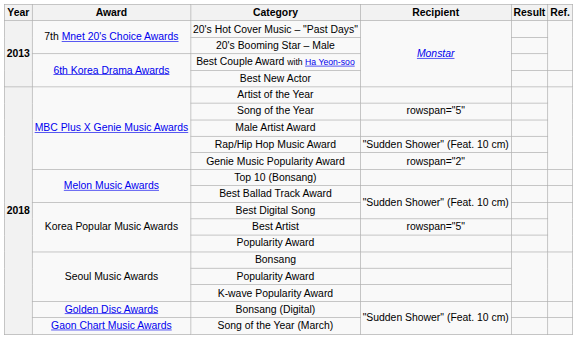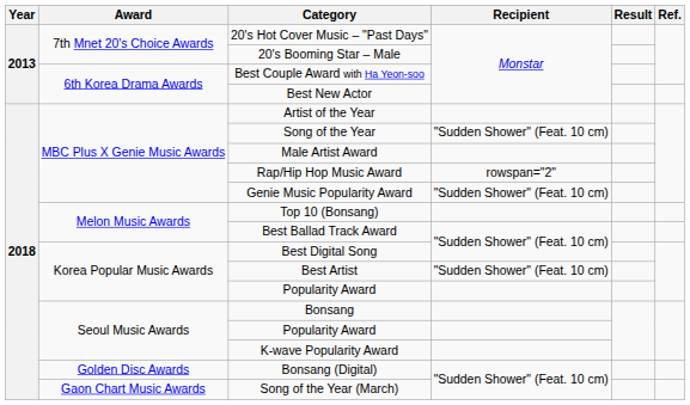 <table class="wikitable" style="text-align:center">
 <tr>
 <th>Year</th>
 <th>Award</th>
 <th>Category</th>
 <th>Recipient</th>
 <th>Result</th>
 <th>Ref.</th>
 </tr>
 <tr>
 <th rowspan="4">2013</th>
 <td rowspan="2">7th <a href='#'>Mnet 20's Choice Awards</a></td>
 <td>20's Hot Cover Music – "Past Days"</td>
 <td rowspan="4"><em><a href='#'>Monstar</a></em></td>
 <td></td>
 <td rowspan=3></td>
 </tr>
 <tr>
 <td>20's Booming Star – Male</td>
 <td></td>
 </tr>
 <tr>
 <td rowspan="2"><a href='#'>6th Korea Drama Awards</a></td>
 <td>Best Couple Award <small>with <a href='#'>Ha Yeon-soo</a> </small></td>
 <td></td>
 </tr>
 <tr>
 <td>Best New Actor</td>
 <td></td>
 <td></td>
 </tr>
 <tr>
 <th rowspan="15">2018</th>
 <td rowspan="5"><a href='#'>MBC Plus X Genie Music Awards</a></td>
 <td>Artist of the Year</td>
 <td></td>
 <td></td>
 <td rowspan=5></td>
 </tr>
 <tr>
 <td>Song of the Year</td>
-<td>rowspan="5" </td>
+<td>"Sudden Shower" (Feat. 10 cm)</td>
 <td></td>
 </tr>
 <tr>
 <td>Male Artist Award</td>
 <td></td>
 <td></td>
 </tr>
 <tr>
 <td>Rap/Hip Hop Music Award</td>
-<td>"Sudden Shower" (Feat. 10 cm)</td>
+<td>rowspan="2" </td>
 <td></td>
 </tr>
 <tr>
 <td>Genie Music Popularity Award</td>
-<td>rowspan="2" </td>
+<td>"Sudden Shower" (Feat. 10 cm)</td>
 <td></td>
 </tr>
 <tr>
 <td rowspan="2"><a href='#'>Melon Music Awards</a></td>
 <td>Top 10 (Bonsang)</td>
 <td></td>
 <td></td>
 </tr>
 <tr>
 <td>Best Ballad Track Award</td>
 <td rowspan="2">"Sudden Shower" (Feat. 10 cm)</td>
 <td></td>
 <td></td>
 </tr>
 <tr>
 <td rowspan="3">Korea Popular Music Awards</td>
 <td>Best Digital Song</td>
 <td></td>
 <td rowspan=3></td>
 </tr>
 <tr>
 <td>Best Artist</td>
-<td>rowspan="5" </td>
+<td>"Sudden Shower" (Feat. 10 cm)</td>
 <td></td>
 </tr>
 <tr>
 <td>Popularity Award</td>
 <td></td>
 </tr>
 <tr>
 <td rowspan="3">Seoul Music Awards</td>
 <td>Bonsang</td>
 <td></td>
 <td rowspan=3></td>
 </tr>
 <tr>
 <td>Popularity Award</td>
 <td></td>
 </tr>
 <tr>
 <td>K-wave Popularity Award</td>
 <td></td>
 </tr>
 <tr>
 <td><a href='#'>Golden Disc Awards</a></td>
 <td>Bonsang (Digital)</td>
 <td rowspan=2>"Sudden Shower" (Feat. 10 cm)</td>
 <td></td>
 <td></td>
 </tr>
 <tr>
 <td><a href='#'>Gaon Chart Music Awards</a></td>
 <td>Song of the Year (March)</td>
 <td></td>
 <td></td>
 </tr>
 </table>
